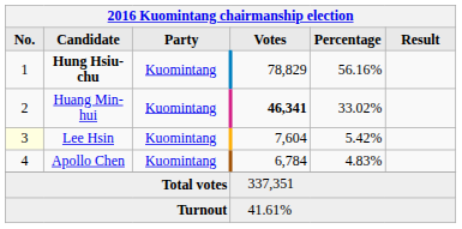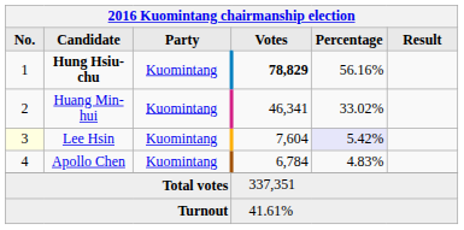 <table class="wikitable sortable" style="margin:1em auto; text-align:center">
 <tr>
 <th colspan="7" width=500px><a href='#'>2016 Kuomintang chairmanship election</a></th>
 </tr>
 <tr>
 <th style="background-color:#E9E9E9;text-align:center;" width="35">No.</th>
 <th style="background-color:#E9E9E9;text-align:center;" width="90">Candidate</th>
 <th style="background-color:#E9E9E9;text-align:center;" width="100">Party</th>
 <th style="background-color:#E9E9E9;text-align:center;" width="80">Votes</th>
 <th style="background-color:#E9E9E9;text-align:center;" width="70">Percentage</th>
 <th style="background-color:#E9E9E9;text-align:center;" width="70">Result</th>
 </tr>
 <tr>
 <td>1</td>
 <td style="text-align:center;"><strong>Hung Hsiu-chu</strong></td>
 <td><a href='#'>Kuomintang</a></td>
-<td style="border-left:4px solid #0080C0;" align="right">78,829</td>
+<td style="border-left:4px solid #0080C0;" align="right"><strong>78,829</strong></td>
 <td align="right">56.16%</td>
 <td align="center"></td>
 </tr>
 <tr>
 <td>2</td>
 <td style="text-align:center;"><a href='#'>Huang Min-hui</a></td>
 <td><a href='#'>Kuomintang</a></td>
-<td style="border-left:4px solid #D42187;" align="right"><strong>46,341</strong></td>
+<td style="border-left:4px solid #D42187;" align="right">46,341</td>
 <td align="right">33.02%</td>
 <td align="center"></td>
 </tr>
 <tr>
 <td style="background: lightyellow;">3</td>
 <td style="text-align:center;"><a href='#'>Lee Hsin</a></td>
 <td><a href='#'>Kuomintang</a></td>
 <td style="border-left:4px solid #FEB008;" align="right">7,604</td>
-<td align="right">5.42%</td>
+<td align="right" style="background: lavender;">5.42%</td>
 <td align="center"></td>
 </tr>
 <tr>
 <td>4</td>
 <td style="text-align:center;"><a href='#'>Apollo Chen</a></td>
 <td><a href='#'>Kuomintang</a></td>
 <td style="border-left:4px solid #A25306;" align="right">6,784</td>
 <td align="right">4.83%</td>
 <td align="center"></td>
 </tr>
 <tr>
 </tr>
 <tr>
 </tr>
 <tr bgcolor=EEEEEE class="sortbottom">
 <td colspan="3" style="text-align: right"><strong>Total votes</strong></td>
 <td colspan="3" align="left">　337,351</td>
 </tr>
 <tr bgcolor=EEEEEE class="sortbottom">
 <td colspan="3" style="text-align: right"><strong>Turnout</strong></td>
 <td colspan="3" align="left">　41.61%</td>
 </tr>
 </table>
